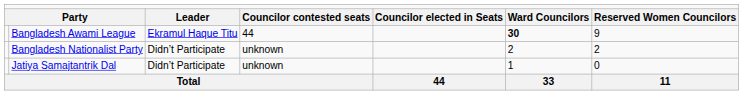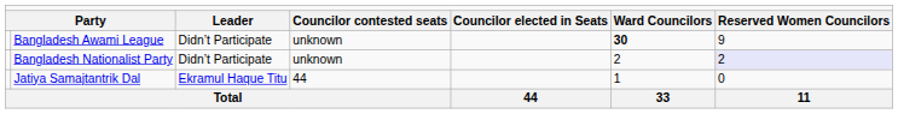 <table class="wikitable">
 <tr>
 <td colspan="7"></td>
 </tr>
 <tr>
 <th colspan="2">Party</th>
 <th>Leader</th>
 <th>Councilor contested seats</th>
 <th>Councilor elected in Seats</th>
 <th>Ward Councilors</th>
 <th>Reserved Women Councilors</th>
 </tr>
 <tr>
 <td></td>
 <td><a href='#'>Bangladesh Awami League</a></td>
-<td><a href='#'>Ekramul Haque Titu</a></td>
-<td>44</td>
+<td>Didn’t Participate</td>
+<td>unknown</td>
 <td></td>
 <td><strong>30</strong></td>
 <td>9</td>
 </tr>
 <tr>
 <td></td>
 <td><a href='#'>Bangladesh Nationalist Party</a></td>
 <td>Didn’t Participate</td>
 <td>unknown</td>
 <td></td>
 <td>2</td>
-<td>2</td>
+<td style="background: lavender;">2</td>
 </tr>
 <tr>
 <td></td>
 <td><a href='#'>Jatiya Samajtantrik Dal</a></td>
-<td>Didn’t Participate</td>
-<td>unknown</td>
+<td><a href='#'>Ekramul Haque Titu</a></td>
+<td>44</td>
 <td></td>
 <td>1</td>
 <td>0</td>
 </tr>
 <tr>
 <th colspan="4">Total</th>
 <th>44</th>
 <th>33</th>
 <th>11</th>
 </tr>
 </table>
